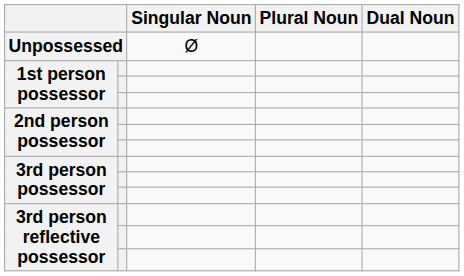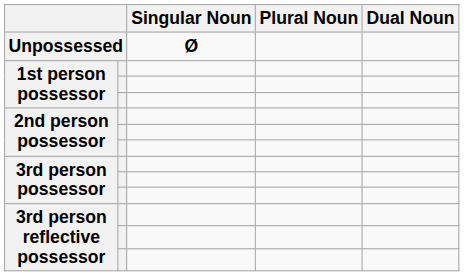 <table class="wikitable" style="text-align:center">
 <tr>
 <th colspan="2"></th>
 <th>Singular Noun</th>
 <th>Plural Noun</th>
 <th>Dual Noun</th>
 </tr>
 <tr>
 <th colspan="2">Unpossessed</th>
-<td>Ø</td>
+<td><strong>Ø</strong></td>
 <td></td>
 <td></td>
 </tr>
 <tr>
 <th rowspan="3">1st person<br>possessor</th>
 <th></th>
 <td></td>
 <td></td>
 <td></td>
 </tr>
 <tr>
 <th></th>
 <td></td>
 <td></td>
 <td></td>
 </tr>
 <tr>
 <th></th>
 <td></td>
 <td></td>
 <td></td>
 </tr>
 <tr>
 <th rowspan="3">2nd person<br>possessor</th>
 <th></th>
 <td></td>
 <td></td>
 <td></td>
 </tr>
 <tr>
 <th></th>
 <td></td>
 <td></td>
 <td></td>
 </tr>
 <tr>
 <th></th>
 <td></td>
 <td></td>
 <td></td>
 </tr>
 <tr>
 <th rowspan="3">3rd person<br>possessor</th>
 <th></th>
 <td></td>
 <td></td>
 <td></td>
 </tr>
 <tr>
 <th></th>
 <td></td>
 <td></td>
 <td></td>
 </tr>
 <tr>
 <th></th>
 <td></td>
 <td></td>
 <td></td>
 </tr>
 <tr>
 <th rowspan="3">3rd person<br>reflective<br>possessor</th>
 <th></th>
 <td></td>
 <td></td>
 <td></td>
 </tr>
 <tr>
 <th></th>
 <td></td>
 <td></td>
 <td></td>
 </tr>
 <tr>
 <th></th>
 <td></td>
 <td></td>
 <td></td>
 </tr>
 </table>
